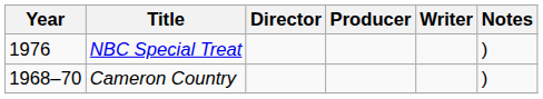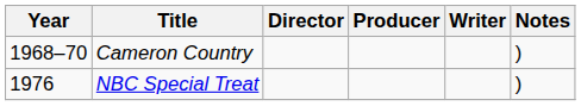 <table class="wikitable">
 <tr>
 <th>Year</th>
 <th>Title</th>
 <th>Director</th>
 <th>Producer</th>
 <th>Writer</th>
 <th>Notes</th>
 </tr>
 <tr>
+<td>1968–70</td>
+<td><em>Cameron Country</em></td>
+<td></td>
+<td></td>
+<td></td>
+<td>)</td>
+</tr>
+<tr>
 <td>1976</td>
 <td><em><a href='#'>NBC Special Treat</a></em></td>
 <td></td>
 <td></td>
 <td></td>
 <td>)</td>
 </tr>
 <tr>
-<td>1968–70</td>
-<td><em>Cameron Country</em></td>
-<td></td>
-<td></td>
-<td></td>
-<td>)</td>
-</tr>
-<tr>
 </tr>
 </table>
